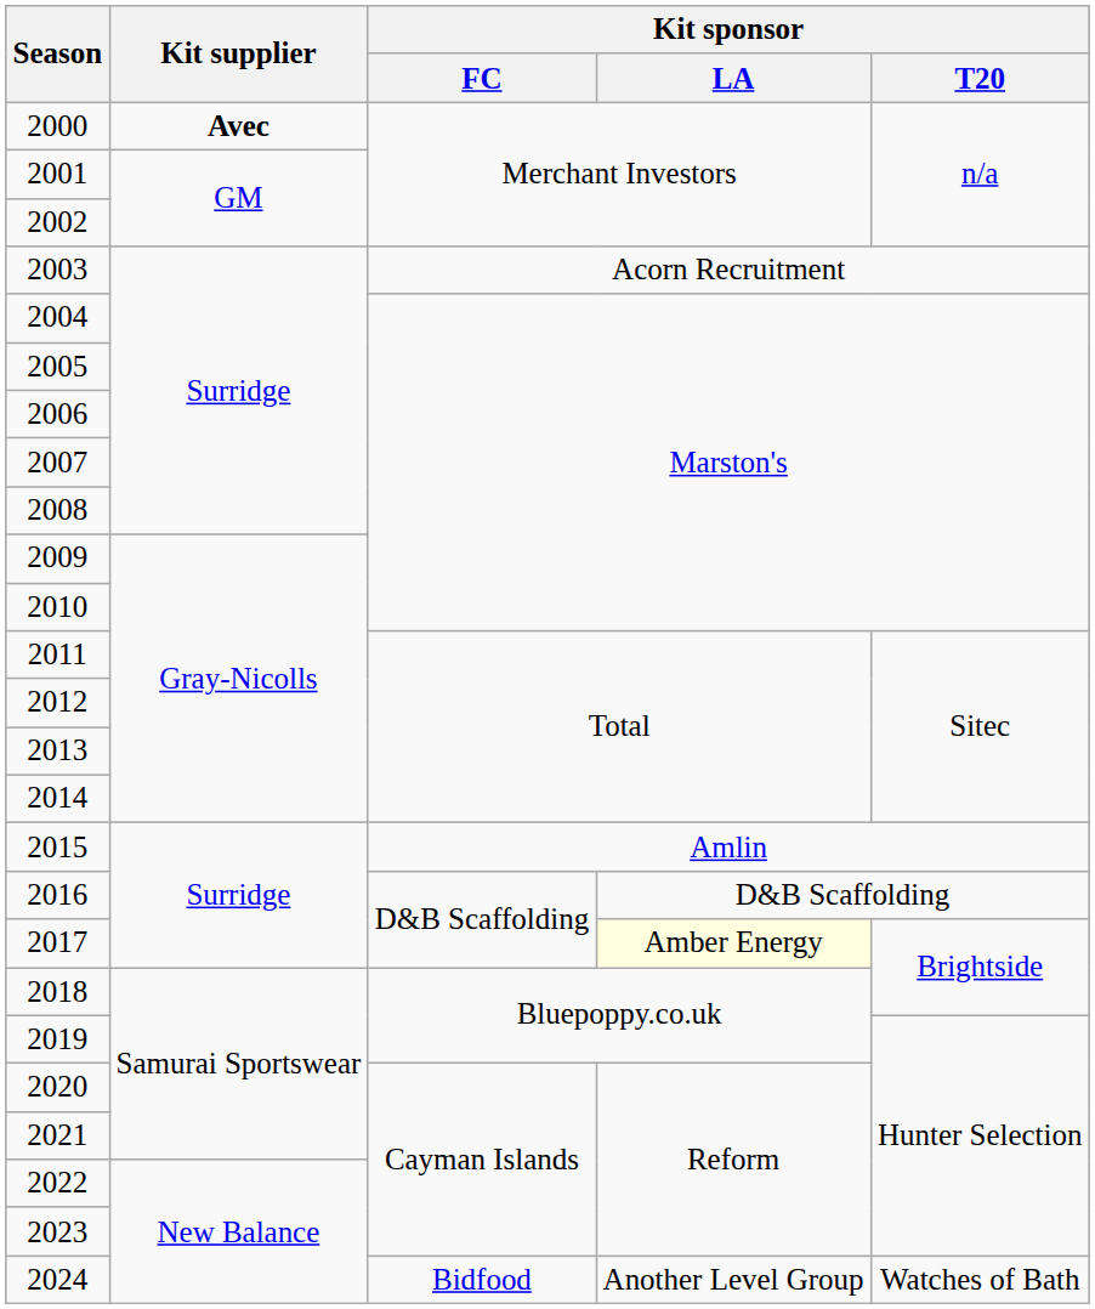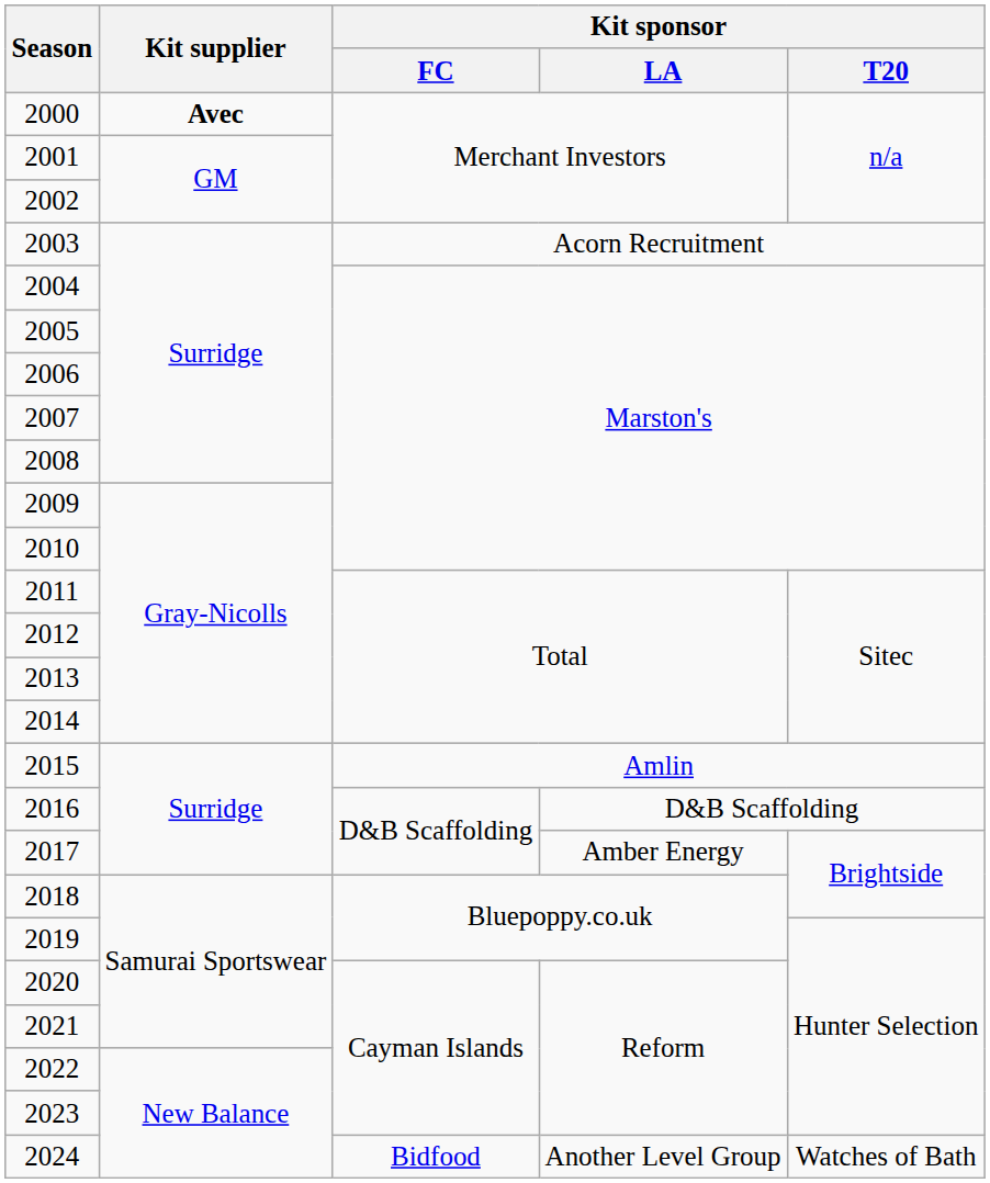 <table class="wikitable" style="text-align: center">
 <tr>
 <th rowspan="2">Season</th>
 <th rowspan="2">Kit supplier</th>
 <th colspan="3">Kit sponsor</th>
 </tr>
 <tr>
 <th><a href='#'>FC</a></th>
 <th><a href='#'>LA</a></th>
 <th><a href='#'>T20</a></th>
 </tr>
 <tr>
 <td>2000</td>
 <td rowspan=1><strong>Avec</strong></td>
 <td rowspan=3 colspan="2">Merchant Investors</td>
 <td rowspan=3><a href='#'>n/a</a></td>
 </tr>
 <tr>
 <td>2001</td>
 <td rowspan=2><a href='#'>GM</a></td>
 </tr>
 <tr>
 <td>2002</td>
 </tr>
 <tr>
 <td>2003</td>
 <td rowspan=6><a href='#'>Surridge</a></td>
 <td colspan=3>Acorn Recruitment</td>
 </tr>
 <tr>
 <td>2004</td>
 <td rowspan=7 colspan=3><a href='#'>Marston's</a></td>
 </tr>
 <tr>
 <td>2005</td>
 </tr>
 <tr>
 <td>2006</td>
 </tr>
 <tr>
 <td>2007</td>
 </tr>
 <tr>
 <td>2008</td>
 </tr>
 <tr>
 <td>2009</td>
 <td rowspan=6><a href='#'>Gray-Nicolls</a></td>
 </tr>
 <tr>
 <td>2010</td>
 </tr>
 <tr>
 <td>2011</td>
 <td rowspan=4 colspan=2>Total</td>
 <td rowspan=4>Sitec</td>
 </tr>
 <tr>
 <td>2012</td>
 </tr>
 <tr>
 <td>2013</td>
 </tr>
 <tr>
 <td>2014</td>
 </tr>
 <tr>
 <td>2015</td>
 <td rowspan=3><a href='#'>Surridge</a></td>
 <td colspan=3><a href='#'>Amlin</a></td>
 </tr>
 <tr>
 <td>2016</td>
 <td rowspan=2>D&B Scaffolding</td>
 <td colspan=2>D&B Scaffolding</td>
 </tr>
 <tr>
 <td>2017</td>
-<td style="background: lightyellow;">Amber Energy</td>
+<td>Amber Energy</td>
 <td rowspan=2><a href='#'>Brightside</a></td>
 </tr>
 <tr>
 <td>2018</td>
 <td rowspan=4>Samurai Sportswear</td>
 <td rowspan=2 colspan=2>Bluepoppy.co.uk</td>
 </tr>
 <tr>
 <td>2019</td>
 <td rowspan=5 colspan=2>Hunter Selection</td>
 </tr>
 <tr>
 <td>2020</td>
 <td rowspan=4>Cayman Islands</td>
 <td rowspan=4 colspan=1>Reform</td>
 </tr>
 <tr>
 <td>2021</td>
 </tr>
 <tr>
 <td>2022</td>
 <td rowspan=3><a href='#'>New Balance</a></td>
 </tr>
 <tr>
 <td>2023</td>
 </tr>
 <tr>
 <td>2024</td>
 <td rowspan=3><a href='#'>Bidfood</a></td>
 <td rowspan=4>Another Level Group</td>
 <td rowspan=5>Watches of Bath</td>
 </tr>
 </table>
